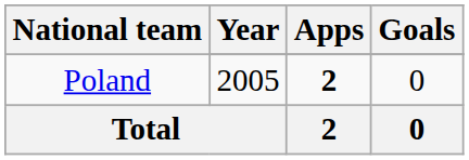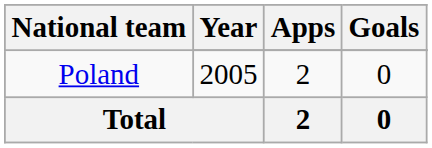 <table class="wikitable" style="text-align:center">
 <tr>
 <th>National team</th>
 <th>Year</th>
 <th>Apps</th>
 <th>Goals</th>
 </tr>
 <tr>
 <td rowspan=2><a href='#'>Poland</a></td>
 </tr>
 <tr>
 <td>2005</td>
-<td><strong>2</strong></td>
+<td>2</td>
 <td>0</td>
 </tr>
 <tr>
 <th colspan="2">Total</th>
 <th>2</th>
 <th>0</th>
 </tr>
 </table>
